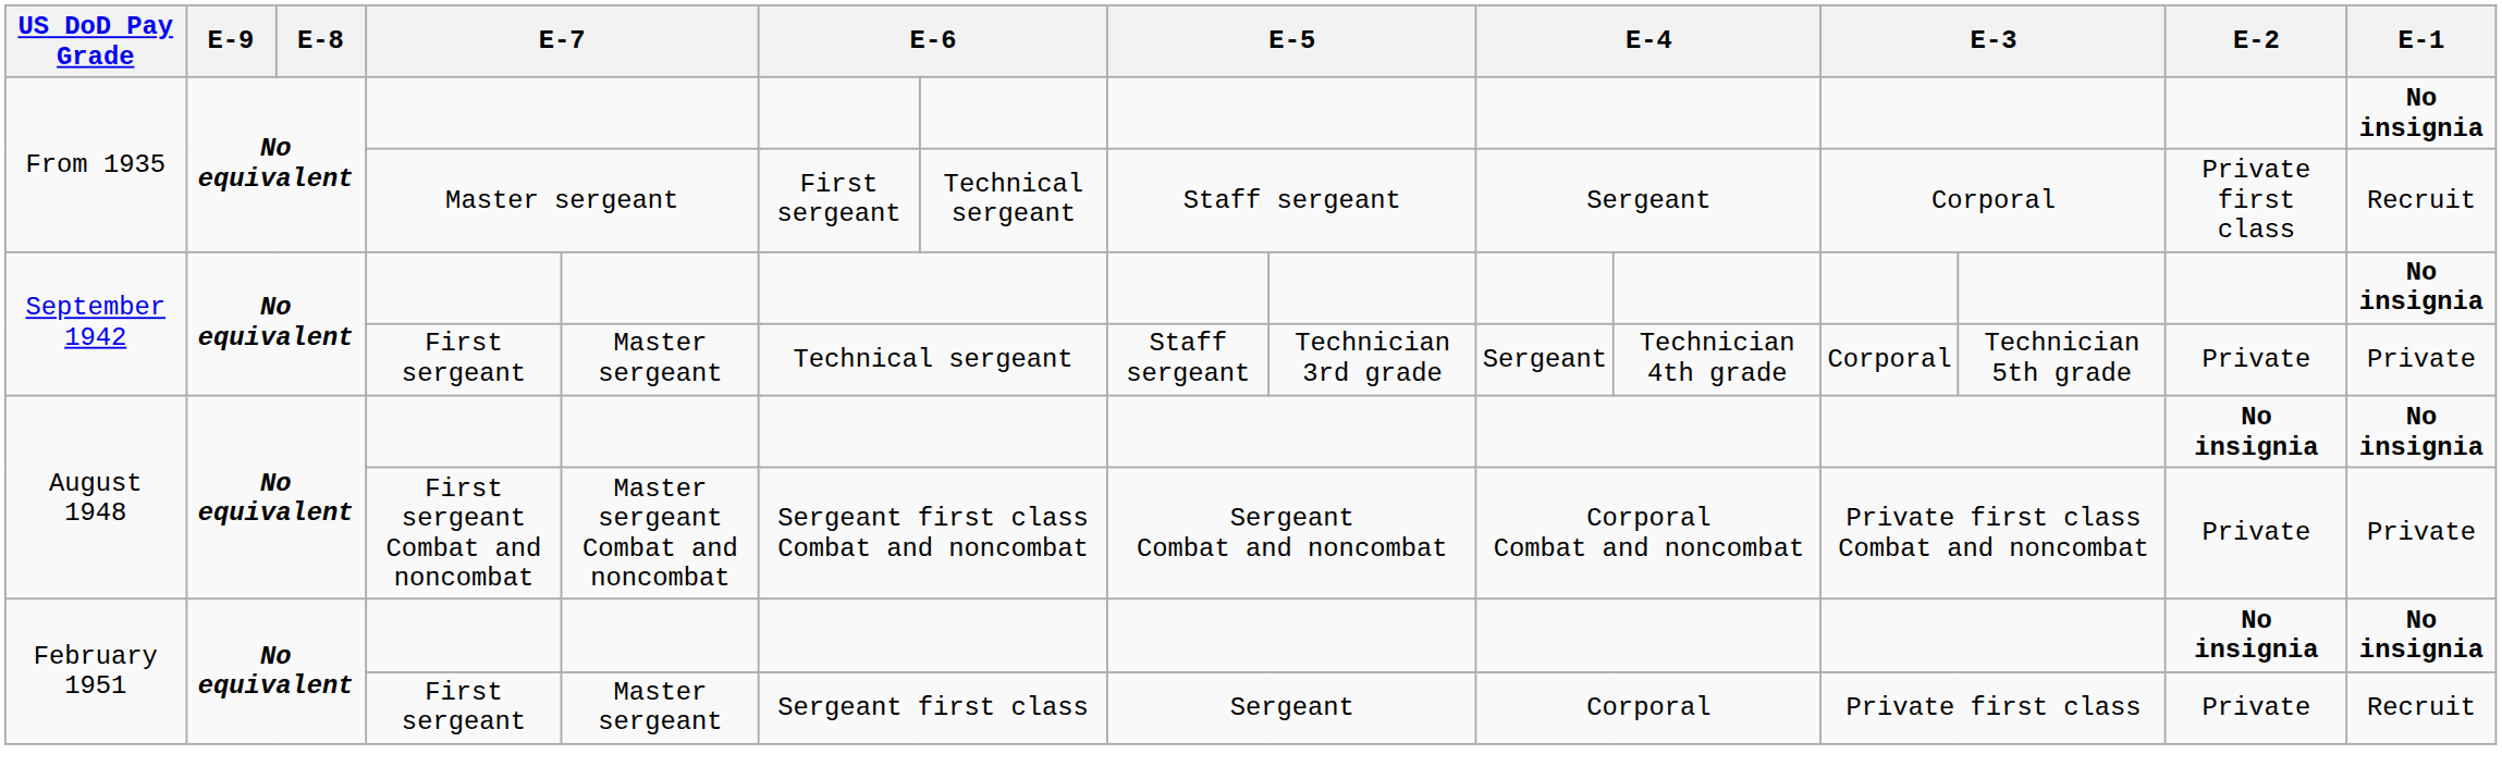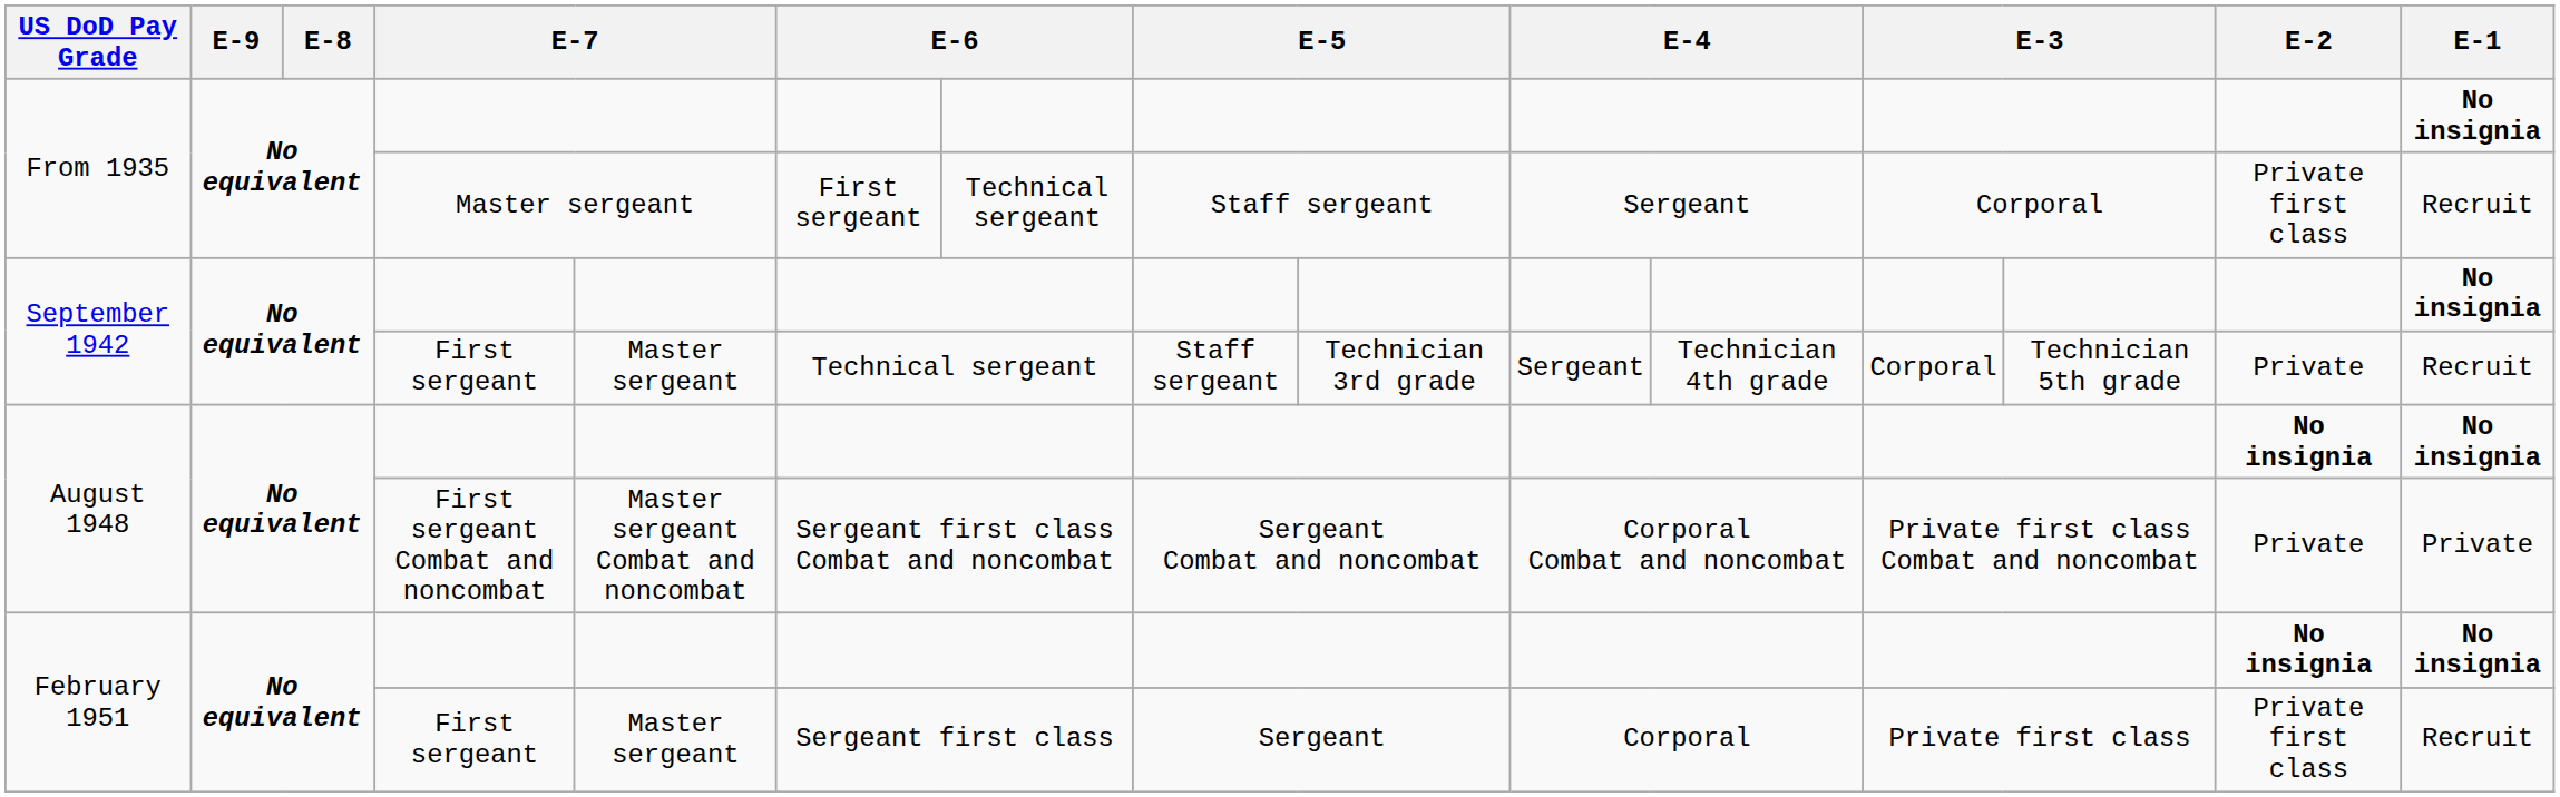 <table class="wikitable" style="text-align:center">
 <tr>
 <th><a href='#'>US DoD Pay Grade</a></th>
 <th colspan="4">E-9</th>
 <th colspan="3">E-8</th>
 <th colspan="3">E-7</th>
 <th colspan="2">E-6</th>
 <th colspan="2">E-5</th>
 <th colspan="2">E-4</th>
 <th colspan="2">E-3</th>
 <th>E-2</th>
 <th>E-1</th>
 </tr>
 <tr>
 <td rowspan="2">From 1935</td>
 <td colspan="7" rowspan="2"><strong><em>No equivalent</em></strong></td>
 <td colspan="3"></td>
 <td></td>
 <td></td>
 <td colspan="2"></td>
 <td colspan="2"></td>
 <td colspan="2"></td>
 <td></td>
 <td><strong>No insignia</strong></td>
 </tr>
 <tr>
 <td colspan="3">Master sergeant</td>
 <td>First sergeant</td>
 <td>Technical sergeant</td>
 <td colspan="2">Staff sergeant</td>
 <td colspan="2">Sergeant</td>
 <td colspan="2">Corporal</td>
 <td>Private first class</td>
 <td>Recruit</td>
 </tr>
 <tr>
 <td rowspan="2"><a href='#'>September 1942</a></td>
 <td colspan="7" rowspan="2"><strong><em>No equivalent</em></strong></td>
 <td colspan="1"></td>
 <td colspan="2"></td>
 <td colspan="2"></td>
 <td colspan="1"></td>
 <td colspan="1"></td>
 <td colspan="1"></td>
 <td colspan="1"></td>
 <td colspan="1"></td>
 <td colspan="1"></td>
 <td></td>
 <td><strong>No insignia</strong></td>
 </tr>
 <tr>
 <td colspan="1">First sergeant</td>
 <td colspan="2">Master sergeant</td>
 <td colspan="2">Technical sergeant</td>
 <td colspan="1">Staff sergeant</td>
 <td colspan="1">Technician 3rd grade</td>
 <td colspan="1">Sergeant</td>
 <td colspan="1">Technician 4th grade</td>
 <td colspan="1">Corporal</td>
 <td colspan="1">Technician 5th grade</td>
 <td>Private</td>
-<td>Private</td>
+<td>Recruit</td>
 </tr>
 <tr>
 <td rowspan="2">August 1948</td>
 <td colspan="7" rowspan="2"><strong><em>No equivalent</em></strong></td>
 <td colspan="1"> </td>
 <td colspan="2"> </td>
 <td colspan="2"> </td>
 <td colspan="2"> </td>
 <td colspan="2"> </td>
 <td colspan="2"> </td>
 <td><strong>No insignia</strong></td>
 <td><strong>No insignia</strong></td>
 </tr>
 <tr>
 <td colspan="1">First sergeant<br>Combat and noncombat</td>
 <td colspan="2">Master sergeant<br>Combat and noncombat</td>
 <td colspan="2">Sergeant first class<br>Combat and noncombat</td>
 <td colspan="2">Sergeant<br>Combat and noncombat</td>
 <td colspan="2">Corporal<br>Combat and noncombat</td>
 <td colspan="2">Private first class<br>Combat and noncombat</td>
 <td>Private</td>
 <td>Private</td>
 </tr>
 <tr>
 <td rowspan="2">February 1951</td>
 <td colspan="7" rowspan="2"><strong><em>No equivalent</em></strong></td>
 <td colspan="1"></td>
 <td colspan="2"></td>
 <td colspan="2"></td>
 <td colspan="2"></td>
 <td colspan="2"></td>
 <td colspan="2"></td>
 <td><strong>No insignia</strong></td>
 <td><strong>No insignia</strong></td>
 </tr>
 <tr>
 <td colspan="1">First sergeant</td>
 <td colspan="2">Master sergeant</td>
 <td colspan="2">Sergeant first class</td>
 <td colspan="2">Sergeant</td>
 <td colspan="2">Corporal</td>
 <td colspan="2">Private first class</td>
-<td>Private</td>
+<td>Private first class</td>
 <td>Recruit</td>
 </tr>
 </table>
